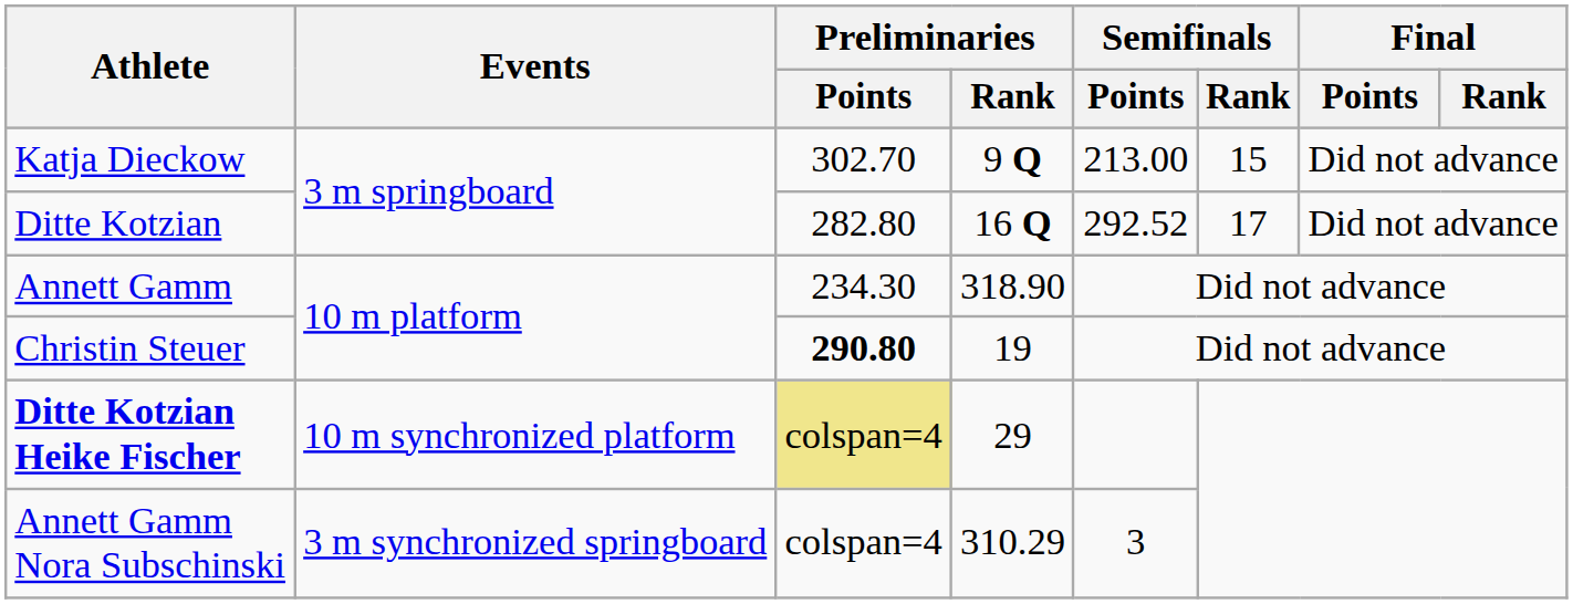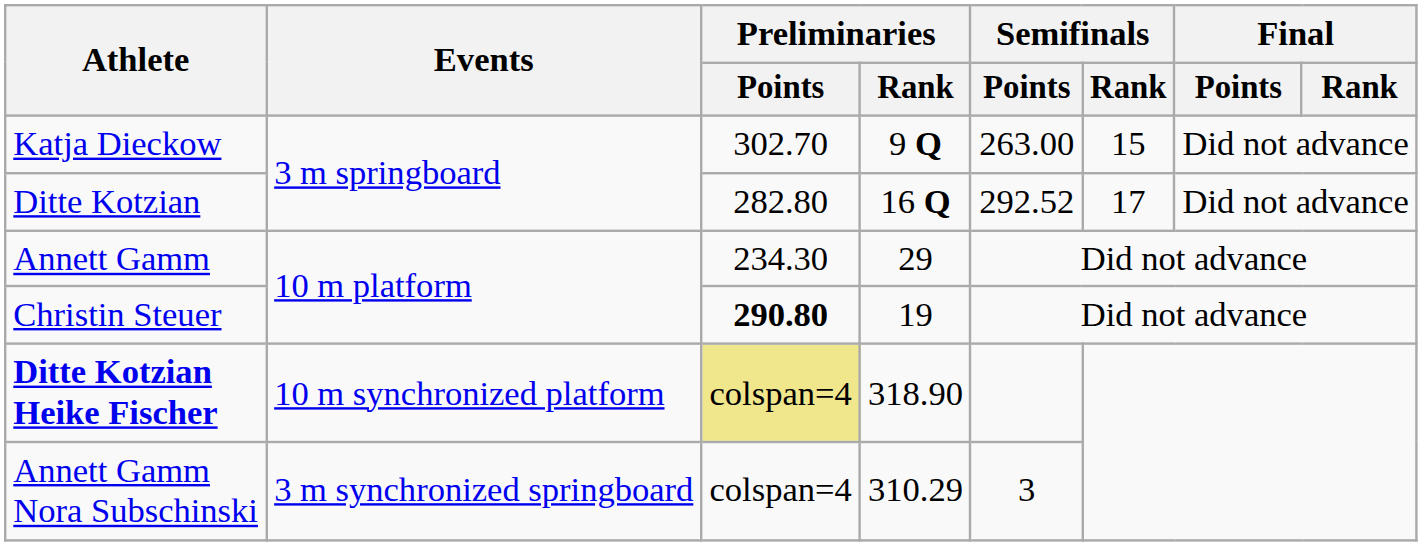 <table class=wikitable style="font-size:90%">
 <tr>
 <th rowspan="2">Athlete</th>
 <th rowspan="2">Events</th>
 <th colspan="2">Preliminaries</th>
 <th colspan="2">Semifinals</th>
 <th colspan="2">Final</th>
 </tr>
 <tr style="font-size:95%">
 <th>Points</th>
 <th>Rank</th>
 <th>Points</th>
 <th>Rank</th>
 <th>Points</th>
 <th>Rank</th>
 </tr>
 <tr align=center>
 <td align=left><a href='#'>Katja Dieckow</a></td>
 <td align=left rowspan=2><a href='#'>3 m springboard</a></td>
 <td>302.70</td>
 <td>9 <strong>Q</strong></td>
-<td>213.00</td>
+<td>263.00</td>
 <td>15</td>
 <td colspan=2>Did not advance</td>
 </tr>
 <tr align=center>
 <td align=left><a href='#'>Ditte Kotzian</a></td>
 <td>282.80</td>
 <td>16 <strong>Q</strong></td>
 <td>292.52</td>
 <td>17</td>
 <td colspan=2>Did not advance</td>
 </tr>
 <tr align=center>
 <td align=left><a href='#'>Annett Gamm</a></td>
 <td align=left rowspan=2><a href='#'>10 m platform</a></td>
 <td>234.30</td>
-<td>318.90</td>
+<td>29</td>
 <td colspan=4>Did not advance</td>
 </tr>
 <tr align=center>
 <td align=left><a href='#'>Christin Steuer</a></td>
 <td><strong>290.80</strong></td>
 <td>19</td>
 <td colspan=4>Did not advance</td>
 </tr>
 <tr align=center>
 <td align=left><strong><a href='#'>Ditte Kotzian</a><br><a href='#'>Heike Fischer</a></strong></td>
 <td align=left><a href='#'>10 m synchronized platform</a></td>
 <td style="background: khaki;">colspan=4 </td>
-<td>29</td>
+<td>318.90</td>
 <td></td>
 </tr>
 <tr align=center>
 <td align=left><a href='#'>Annett Gamm</a><br><a href='#'>Nora Subschinski</a></td>
 <td align=left><a href='#'>3 m synchronized springboard</a></td>
 <td>colspan=4 </td>
 <td>310.29</td>
 <td>3</td>
 </tr>
 </table>
